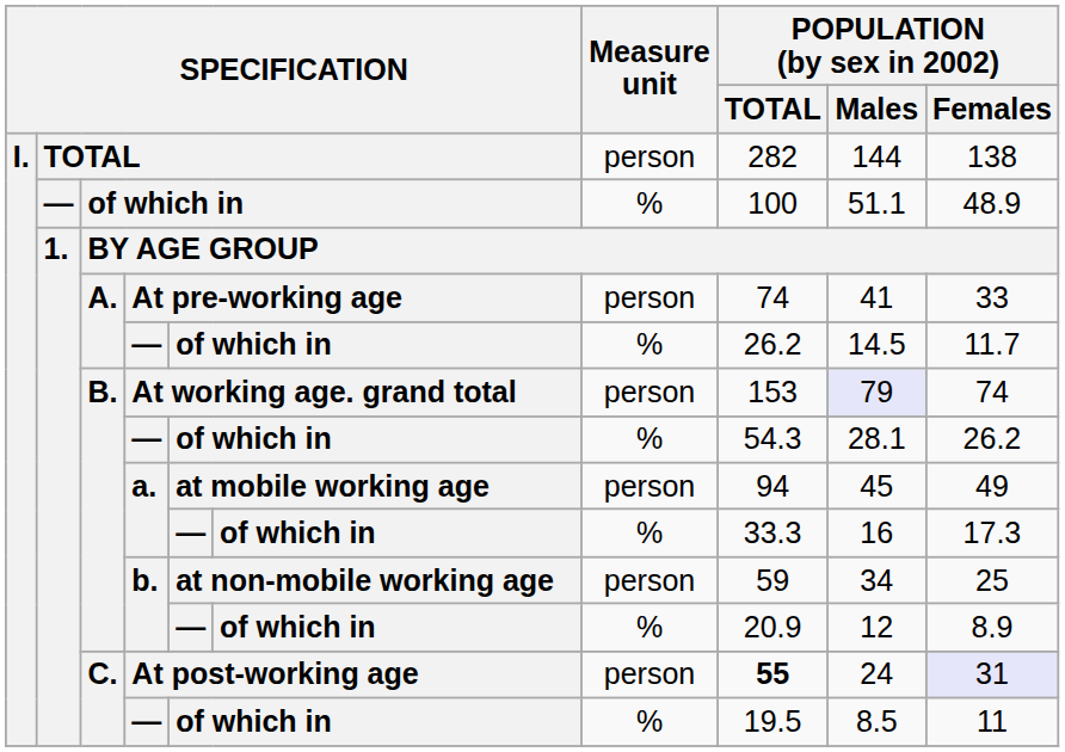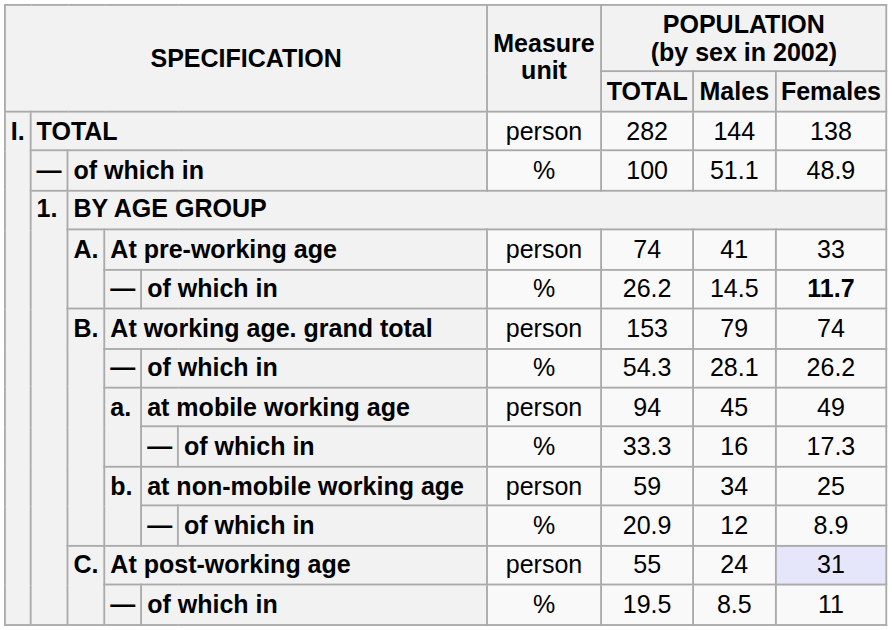 <table class="wikitable" style="font-size:85%; text-align:center">
 <tr>
 <th rowspan="2" colspan="6">SPECIFICATION</th>
 <th rowspan="2">Measure<br> unit</th>
 <th colspan="3" rowspan="1">POPULATION<br> (by sex in 2002)</th>
 </tr>
 <tr>
 <th>TOTAL</th>
 <th>Males</th>
 <th>Females</th>
 </tr>
 <tr>
 <th style="text-align:left" valign="top" rowspan="13">I.</th>
 <th style="text-align:left" colspan="5">TOTAL</th>
 <td>person</td>
 <td>282</td>
 <td>144</td>
 <td>138</td>
 </tr>
 <tr>
 <th style="text-align:left" valign="top">—</th>
 <th style="text-align:left" colspan="4">of which in</th>
 <td>%</td>
 <td>100</td>
 <td>51.1</td>
 <td>48.9</td>
 </tr>
 <tr>
 <th style="text-align:left" valign="top" rowspan="11">1.</th>
 <th style="text-align:left" colspan="19">BY AGE GROUP</th>
 </tr>
 <tr>
 <th style="text-align:left" valign="top" rowspan="2">A.</th>
 <th style="text-align:left" colspan="3">At pre-working age</th>
 <td>person</td>
 <td>74</td>
 <td>41</td>
 <td>33</td>
 </tr>
 <tr>
 <th style="text-align:left" valign="top">—</th>
 <th style="text-align:left" valign="top" colspan="2">of which in</th>
 <td>%</td>
 <td>26.2</td>
 <td>14.5</td>
-<td>11.7</td>
+<td><strong>11.7</strong></td>
 </tr>
 <tr>
 <th style="text-align:left" valign="top" rowspan="6">B.</th>
 <th style="text-align:left" colspan="3">At working age. grand total</th>
 <td>person</td>
 <td>153</td>
-<td style="background: lavender;">79</td>
+<td>79</td>
 <td>74</td>
 </tr>
 <tr>
 <th style="text-align:left" valign="top">—</th>
 <th style="text-align:left" valign="top" colspan="2">of which in</th>
 <td>%</td>
 <td>54.3</td>
 <td>28.1</td>
 <td>26.2</td>
 </tr>
 <tr>
 <th style="text-align:left" valign="top" rowspan="2">a.</th>
 <th style="text-align:left" colspan="2">at mobile working age</th>
 <td>person</td>
 <td>94</td>
 <td>45</td>
 <td>49</td>
 </tr>
 <tr>
 <th style="text-align:left" valign="top">—</th>
 <th style="text-align:left" valign="top" colspan="1">of which in                        </th>
 <td>%</td>
 <td>33.3</td>
 <td>16</td>
 <td>17.3</td>
 </tr>
 <tr>
 <th style="text-align:left" valign="top" rowspan="2">b.</th>
 <th style="text-align:left" colspan="2">at non-mobile working age</th>
 <td>person</td>
 <td>59</td>
 <td>34</td>
 <td>25</td>
 </tr>
 <tr>
 <th style="text-align:left" valign="top">—</th>
 <th style="text-align:left" valign="top" colspan="1">of which in                        </th>
 <td>%</td>
 <td>20.9</td>
 <td>12</td>
 <td>8.9</td>
 </tr>
 <tr>
 <th style="text-align:left" valign="top" rowspan="2">C.</th>
 <th style="text-align:left" colspan="3">At post-working age</th>
 <td>person</td>
-<td><strong>55</strong></td>
+<td>55</td>
 <td>24</td>
 <td style="background: lavender;">31</td>
 </tr>
 <tr>
 <th style="text-align:left" valign="top">—</th>
 <th style="text-align:left" valign="top" colspan="2">of which in</th>
 <td>%</td>
 <td>19.5</td>
 <td>8.5</td>
 <td>11</td>
 </tr>
 </table>
